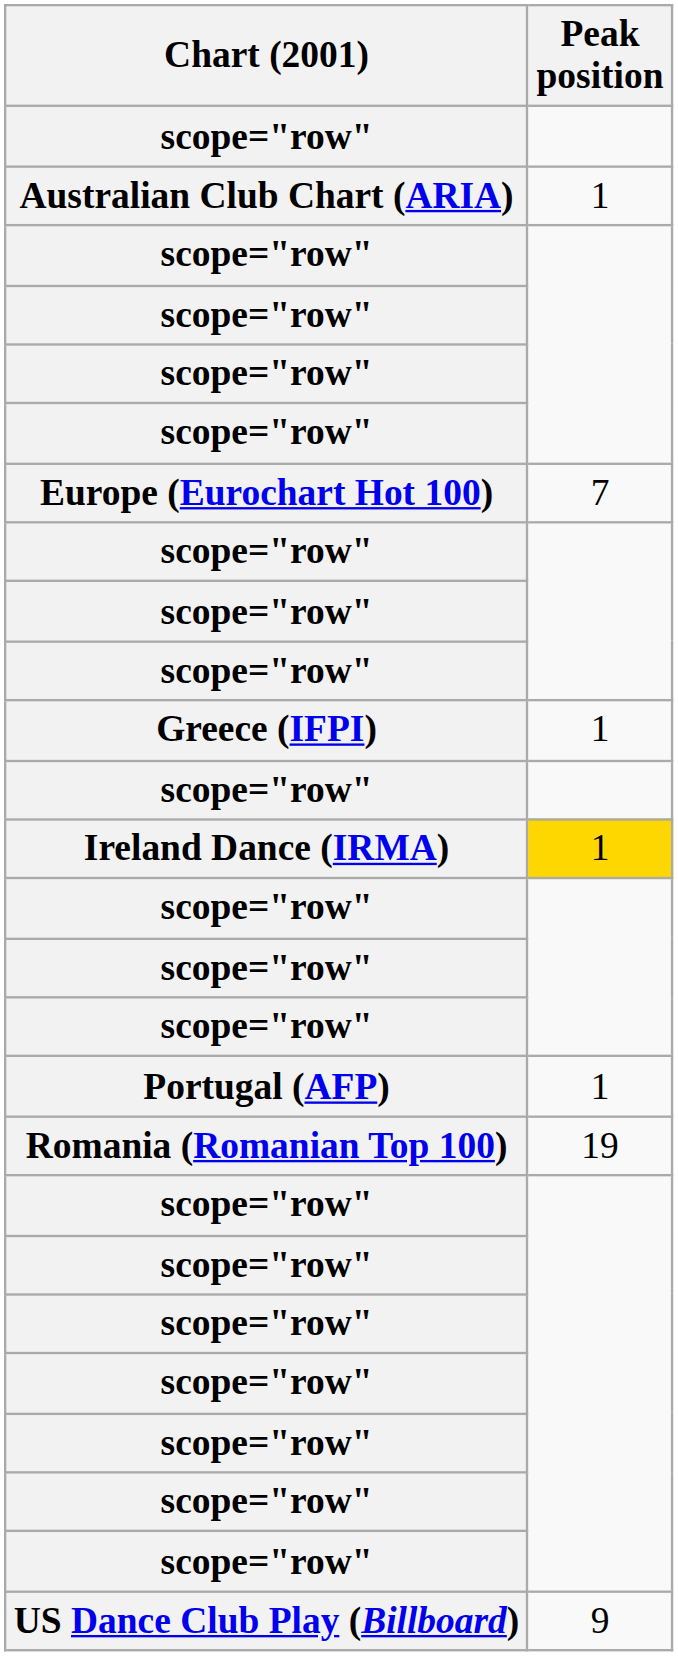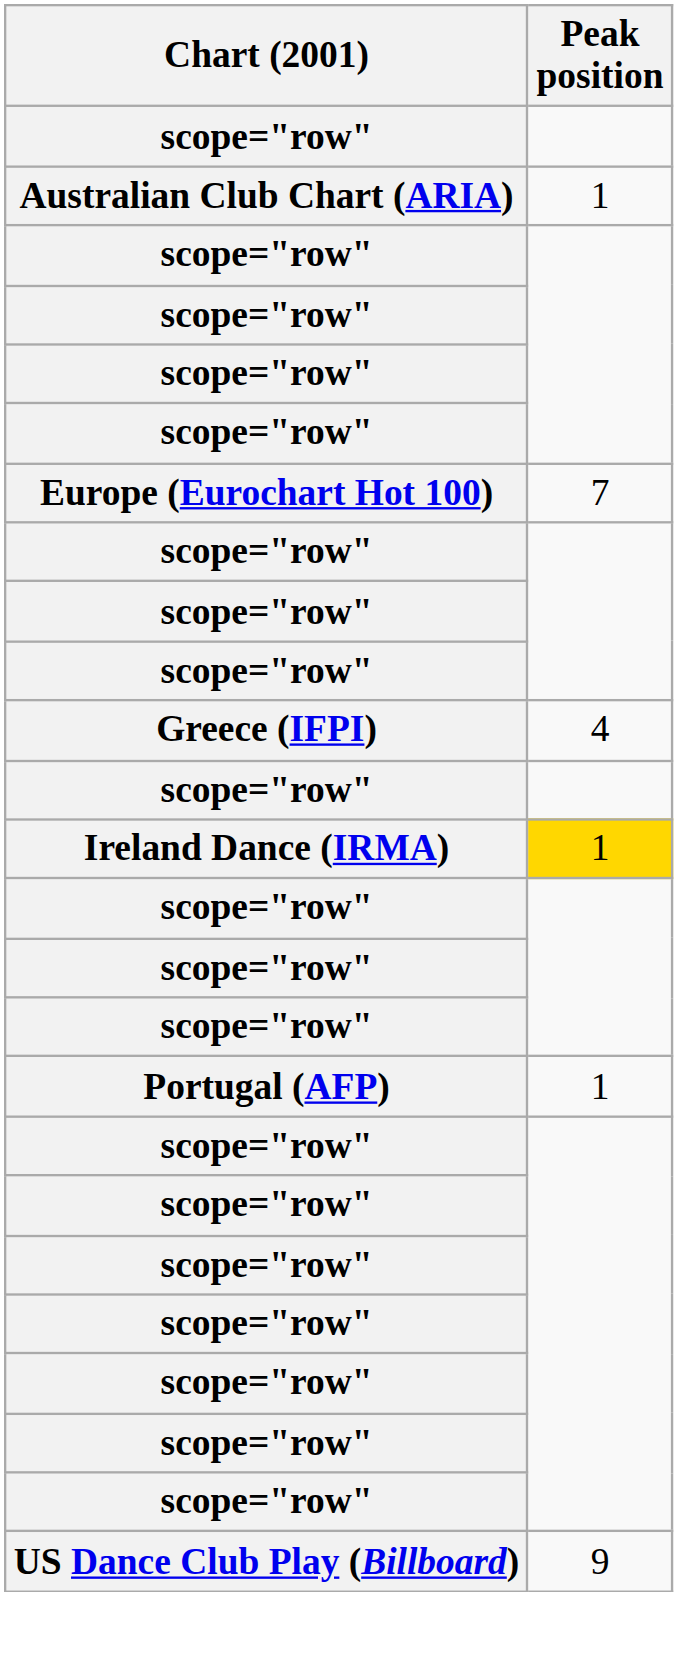 <table class="wikitable sortable plainrowheaders" style="text-align:center">
 <tr>
 <th scope="col">Chart (2001)</th>
 <th scope="col">Peak<br>position</th>
 </tr>
 <tr>
 <th>scope="row"</th>
 </tr>
 <tr>
 <th scope="row">Australian Club Chart (<a href='#'>ARIA</a>)</th>
 <td>1</td>
 </tr>
 <tr>
 <th>scope="row"</th>
 </tr>
 <tr>
 <th>scope="row"</th>
 </tr>
 <tr>
 <th>scope="row"</th>
 </tr>
 <tr>
 <th>scope="row"</th>
 </tr>
 <tr>
 <th scope="row">Europe (<a href='#'>Eurochart Hot 100</a>)</th>
 <td>7</td>
 </tr>
 <tr>
 <th>scope="row"</th>
 </tr>
 <tr>
 <th>scope="row"</th>
 </tr>
 <tr>
 <th>scope="row"</th>
 </tr>
 <tr>
 <th scope="row">Greece (<a href='#'>IFPI</a>)</th>
-<td>1</td>
+<td>4</td>
 </tr>
 <tr>
 <th>scope="row"</th>
 </tr>
 <tr>
 <th scope="row">Ireland Dance (<a href='#'>IRMA</a>)</th>
 <td style="background: gold;">1</td>
 </tr>
 <tr>
 <th>scope="row"</th>
 </tr>
 <tr>
 <th>scope="row"</th>
 </tr>
 <tr>
 <th>scope="row"</th>
 </tr>
 <tr>
 <th scope="row">Portugal (<a href='#'>AFP</a>)</th>
 <td>1</td>
-</tr>
-<tr>
-<th scope="row">Romania (<a href='#'>Romanian Top 100</a>)</th>
-<td>19</td>
 </tr>
 <tr>
 <th>scope="row"</th>
 </tr>
 <tr>
 <th>scope="row"</th>
 </tr>
 <tr>
 <th>scope="row"</th>
 </tr>
 <tr>
 <th>scope="row"</th>
 </tr>
 <tr>
 <th>scope="row"</th>
 </tr>
 <tr>
 <th>scope="row"</th>
 </tr>
 <tr>
 <th>scope="row"</th>
 </tr>
 <tr>
 <th scope="row">US <a href='#'>Dance Club Play</a> (<em><a href='#'>Billboard</a></em>)</th>
 <td>9</td>
 </tr>
 </table>
